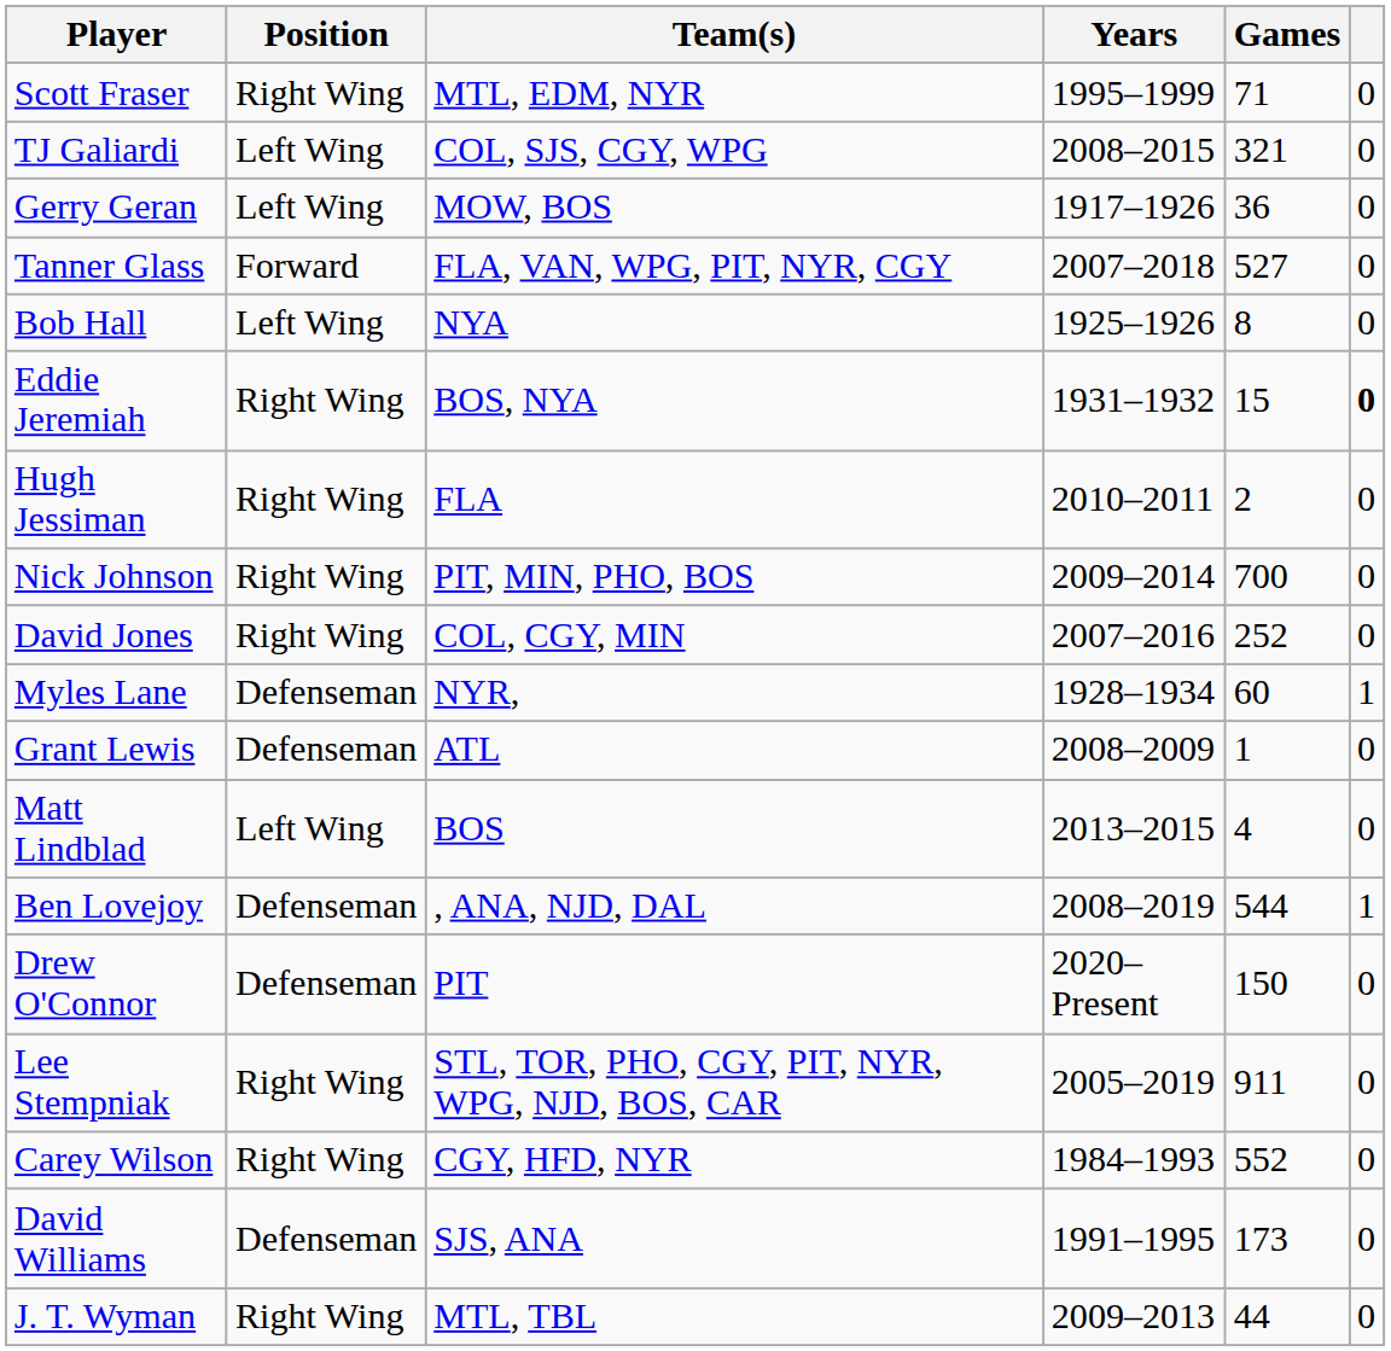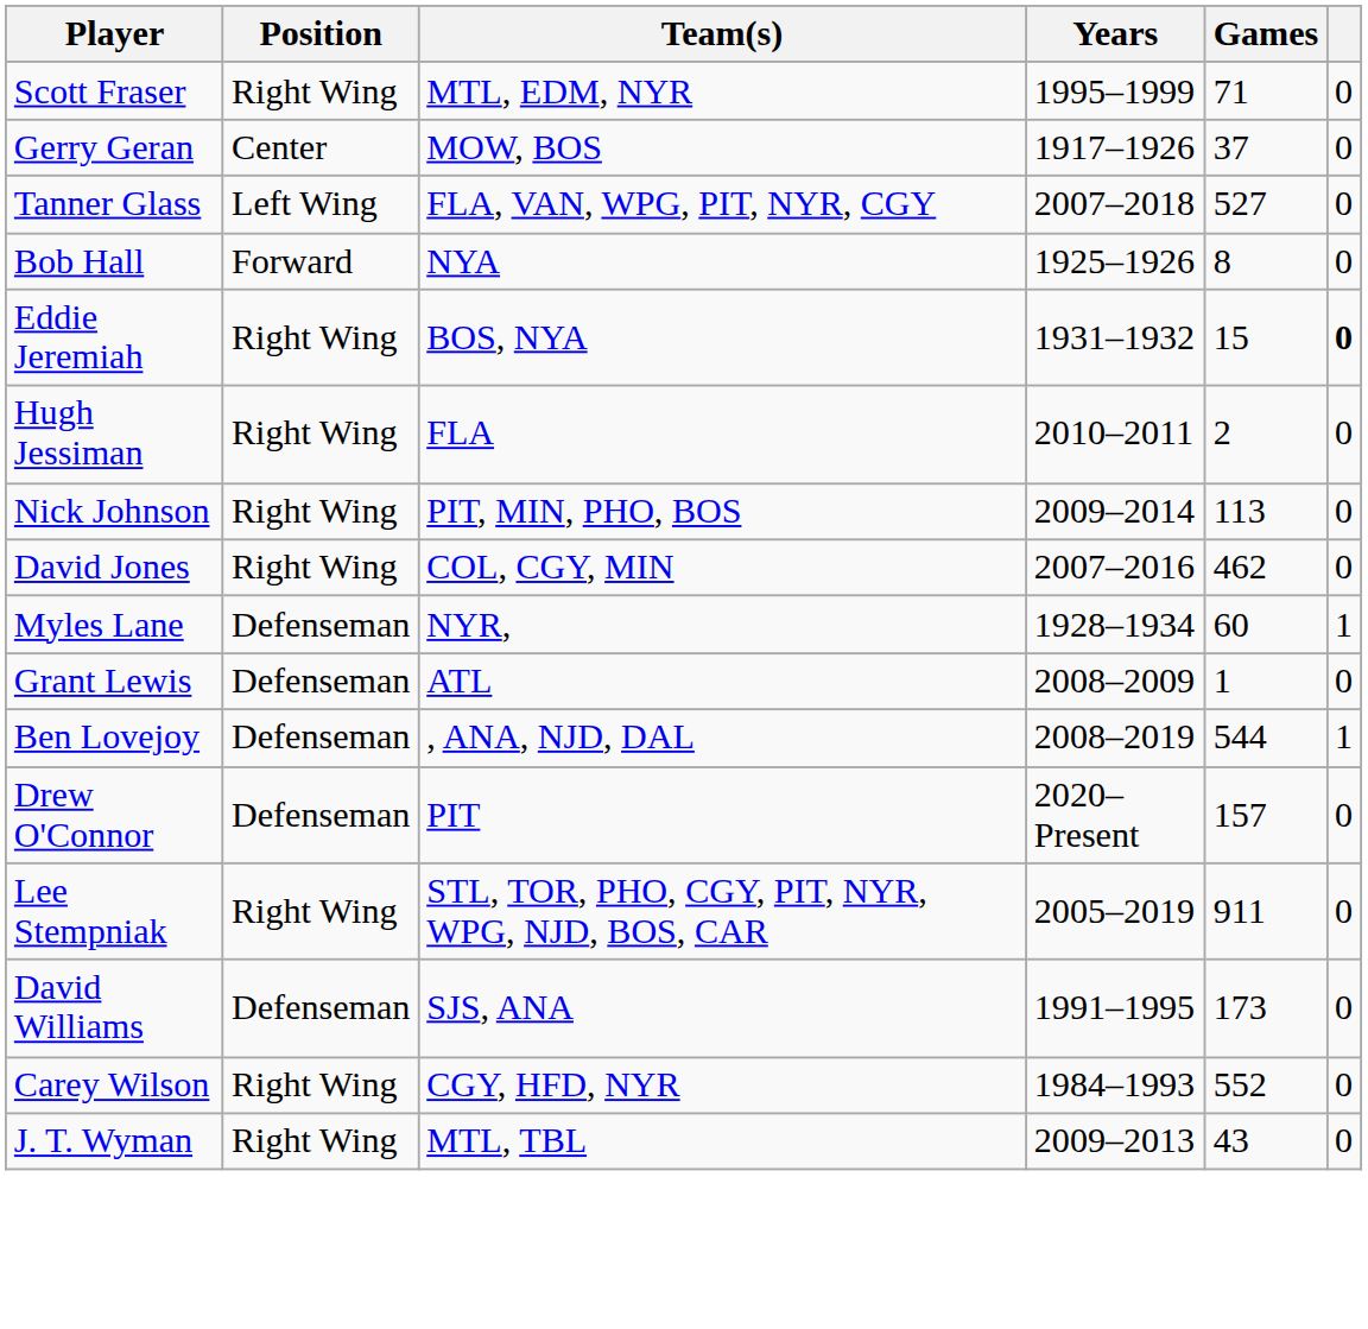 <table class="wikitable">
 <tr>
 <th>Player</th>
 <th>Position</th>
 <th>Team(s)</th>
 <th>Years</th>
 <th>Games</th>
 <th><a href='#'></a></th>
 </tr>
 <tr>
 <td><a href='#'>Scott Fraser</a></td>
 <td>Right Wing</td>
 <td><a href='#'>MTL</a>, <a href='#'>EDM</a>, <a href='#'>NYR</a></td>
 <td>1995–1999</td>
 <td>71</td>
 <td>0</td>
 </tr>
 <tr>
-<td><a href='#'>TJ Galiardi</a></td>
-<td>Left Wing</td>
-<td><a href='#'>COL</a>, <a href='#'>SJS</a>, <a href='#'>CGY</a>, <a href='#'>WPG</a></td>
-<td>2008–2015</td>
-<td>321</td>
-<td>0</td>
-</tr>
-<tr>
 <td><a href='#'>Gerry Geran</a></td>
-<td>Left Wing</td>
+<td>Center</td>
 <td><a href='#'>MOW</a>, <a href='#'>BOS</a></td>
 <td>1917–1926</td>
-<td>36</td>
+<td>37</td>
 <td>0</td>
 </tr>
 <tr>
 <td><a href='#'>Tanner Glass</a></td>
-<td>Forward</td>
+<td>Left Wing</td>
 <td><a href='#'>FLA</a>, <a href='#'>VAN</a>, <a href='#'>WPG</a>, <a href='#'>PIT</a>, <a href='#'>NYR</a>, <a href='#'>CGY</a></td>
 <td>2007–2018</td>
 <td>527</td>
 <td>0</td>
 </tr>
 <tr>
 <td><a href='#'>Bob Hall</a></td>
-<td>Left Wing</td>
+<td>Forward</td>
 <td><a href='#'>NYA</a></td>
 <td>1925–1926</td>
 <td>8</td>
 <td>0</td>
 </tr>
 <tr>
 <td><a href='#'>Eddie Jeremiah</a></td>
 <td>Right Wing</td>
 <td><a href='#'>BOS</a>, <a href='#'>NYA</a></td>
 <td>1931–1932</td>
 <td>15</td>
 <td><strong>0</strong></td>
 </tr>
 <tr>
 <td><a href='#'>Hugh Jessiman</a></td>
 <td>Right Wing</td>
 <td><a href='#'>FLA</a></td>
 <td>2010–2011</td>
 <td>2</td>
 <td>0</td>
 </tr>
 <tr>
 <td><a href='#'>Nick Johnson</a></td>
 <td>Right Wing</td>
 <td><a href='#'>PIT</a>, <a href='#'>MIN</a>, <a href='#'>PHO</a>, <a href='#'>BOS</a></td>
 <td>2009–2014</td>
-<td>700</td>
+<td>113</td>
 <td>0</td>
 </tr>
 <tr>
 <td><a href='#'>David Jones</a></td>
 <td>Right Wing</td>
 <td><a href='#'>COL</a>, <a href='#'>CGY</a>, <a href='#'>MIN</a></td>
 <td>2007–2016</td>
-<td>252</td>
+<td>462</td>
 <td>0</td>
 </tr>
 <tr>
 <td><a href='#'>Myles Lane</a></td>
 <td>Defenseman</td>
 <td><a href='#'>NYR</a>, <span><strong></strong></span></td>
 <td>1928–1934</td>
 <td>60</td>
 <td>1</td>
 </tr>
 <tr>
 <td><a href='#'>Grant Lewis</a></td>
 <td>Defenseman</td>
 <td><a href='#'>ATL</a></td>
 <td>2008–2009</td>
 <td>1</td>
 <td>0</td>
 </tr>
 <tr>
-<td><a href='#'>Matt Lindblad</a></td>
-<td>Left Wing</td>
-<td><a href='#'>BOS</a></td>
-<td>2013–2015</td>
-<td>4</td>
-<td>0</td>
-</tr>
-<tr>
 <td><a href='#'>Ben Lovejoy</a></td>
 <td>Defenseman</td>
 <td><strong></strong>, <a href='#'>ANA</a>, <a href='#'>NJD</a>, <a href='#'>DAL</a></td>
 <td>2008–2019</td>
 <td>544</td>
 <td>1</td>
 </tr>
 <tr>
 <td><a href='#'>Drew O'Connor</a></td>
 <td>Defenseman</td>
 <td><a href='#'>PIT</a></td>
 <td>2020–Present</td>
-<td>150</td>
+<td>157</td>
 <td>0</td>
 </tr>
 <tr>
 <td><a href='#'>Lee Stempniak</a></td>
 <td>Right Wing</td>
 <td><a href='#'>STL</a>, <a href='#'>TOR</a>, <a href='#'>PHO</a>, <a href='#'>CGY</a>, <a href='#'>PIT</a>, <a href='#'>NYR</a>, <a href='#'>WPG</a>, <a href='#'>NJD</a>, <a href='#'>BOS</a>, <a href='#'>CAR</a></td>
 <td>2005–2019</td>
 <td>911</td>
 <td>0</td>
 </tr>
 <tr>
+<td><a href='#'>David Williams</a></td>
+<td>Defenseman</td>
+<td><a href='#'>SJS</a>, <a href='#'>ANA</a></td>
+<td>1991–1995</td>
+<td>173</td>
+<td>0</td>
+</tr>
+<tr>
 <td><a href='#'>Carey Wilson</a></td>
 <td>Right Wing</td>
 <td><a href='#'>CGY</a>, <a href='#'>HFD</a>, <a href='#'>NYR</a></td>
 <td>1984–1993</td>
 <td>552</td>
 <td>0</td>
 </tr>
 <tr>
-<td><a href='#'>David Williams</a></td>
-<td>Defenseman</td>
-<td><a href='#'>SJS</a>, <a href='#'>ANA</a></td>
-<td>1991–1995</td>
-<td>173</td>
-<td>0</td>
-</tr>
-<tr>
 <td><a href='#'>J. T. Wyman</a></td>
 <td>Right Wing</td>
 <td><a href='#'>MTL</a>, <a href='#'>TBL</a></td>
 <td>2009–2013</td>
-<td>44</td>
+<td>43</td>
 <td>0</td>
 </tr>
 </table>
